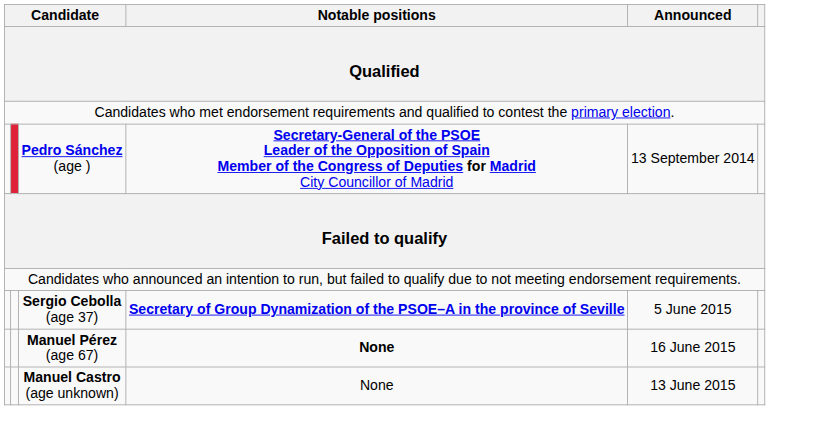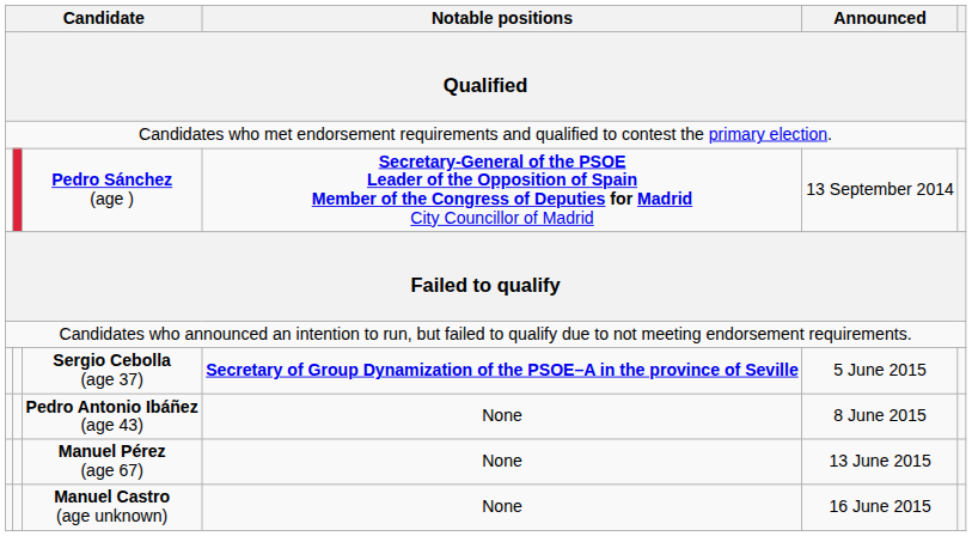 <table class="wikitable" style="text-align:center;">
 <tr>
 <th colspan="3">Candidate</th>
 <th>Notable positions</th>
 <th>Announced</th>
 <th></th>
 </tr>
 <tr>
 <th colspan="6"><br><h3>Qualified</h3></th>
 </tr>
 <tr>
 <td colspan="6">Candidates who met endorsement requirements and qualified to contest the <a href='#'>primary election</a>.</td>
 </tr>
 <tr>
 <td></td>
 <td width="1px" style="color:inherit;background:#DD2239"></td>
 <td><strong><a href='#'>Pedro Sánchez</a></strong><br>(age )</td>
 <td><strong><a href='#'>Secretary-General of the PSOE</a> <br><a href='#'>Leader of the Opposition of Spain</a> <br><a href='#'>Member of the Congress of Deputies</a> for <a href='#'>Madrid</a> </strong><br><a href='#'>City Councillor of Madrid</a> </td>
 <td>13 September 2014</td>
 <td><br></td>
 </tr>
 <tr>
 <th colspan="6"><br><h3>Failed to qualify</h3></th>
 </tr>
 <tr>
 <td colspan="6">Candidates who announced an intention to run, but failed to qualify due to not meeting endorsement requirements.</td>
 </tr>
 <tr>
 <td></td>
 <td style="color:inherit;background:"></td>
 <td><strong>Sergio Cebolla</strong><br>(age 37)</td>
 <td><strong><a href='#'>Secretary of Group Dynamization of the PSOE–A in the province of Seville</a><br></strong></td>
 <td>5 June 2015</td>
 <td><br></td>
 </tr>
 <tr>
 <td></td>
 <td style="color:inherit;background:"></td>
+<td><strong>Pedro Antonio Ibáñez</strong><br>(age 43)</td>
+<td>None</td>
+<td>8 June 2015</td>
+<td></td>
+</tr>
+<tr>
+<td></td>
+<td style="color:inherit;background:"></td>
 <td><strong>Manuel Pérez</strong><br>(age 67)</td>
-<td><strong>None</strong></td>
-<td>16 June 2015</td>
+<td>None</td>
+<td>13 June 2015</td>
 <td></td>
 </tr>
 <tr>
 <td></td>
 <td style="color:inherit;background:"></td>
 <td><strong>Manuel Castro</strong><br>(age unknown)</td>
 <td>None</td>
-<td>13 June 2015</td>
+<td>16 June 2015</td>
 <td></td>
 </tr>
 </table>
